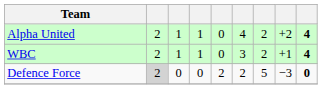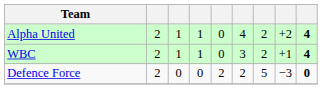 <table class="wikitable" style="text-align: center;">
 <tr>
 <th width="175">Team</th>
 <th width="20"></th>
 <th width="20"></th>
 <th width="20"></th>
 <th width="20"></th>
 <th width="20"></th>
 <th width="20"></th>
 <th width="20"></th>
 <th width="20"></th>
 </tr>
 <tr bgcolor="#ccffcc">
 <td align=left> <a href='#'>Alpha United</a></td>
 <td>2</td>
 <td>1</td>
 <td>1</td>
 <td>0</td>
 <td>4</td>
 <td>2</td>
 <td>+2</td>
 <td><strong>4</strong></td>
 </tr>
 <tr bgcolor="#ccffcc">
 <td align=left> <a href='#'>WBC</a></td>
 <td>2</td>
 <td>1</td>
 <td>1</td>
 <td>0</td>
 <td>3</td>
 <td>2</td>
 <td>+1</td>
 <td><strong>4</strong></td>
 </tr>
 <tr>
 <td align=left> <a href='#'>Defence Force</a></td>
-<td style="background: lightgrey;">2</td>
+<td>2</td>
 <td>0</td>
 <td>0</td>
 <td>2</td>
 <td>2</td>
 <td>5</td>
 <td>−3</td>
 <td><strong>0</strong></td>
 </tr>
 <tr>
 </tr>
 </table>
